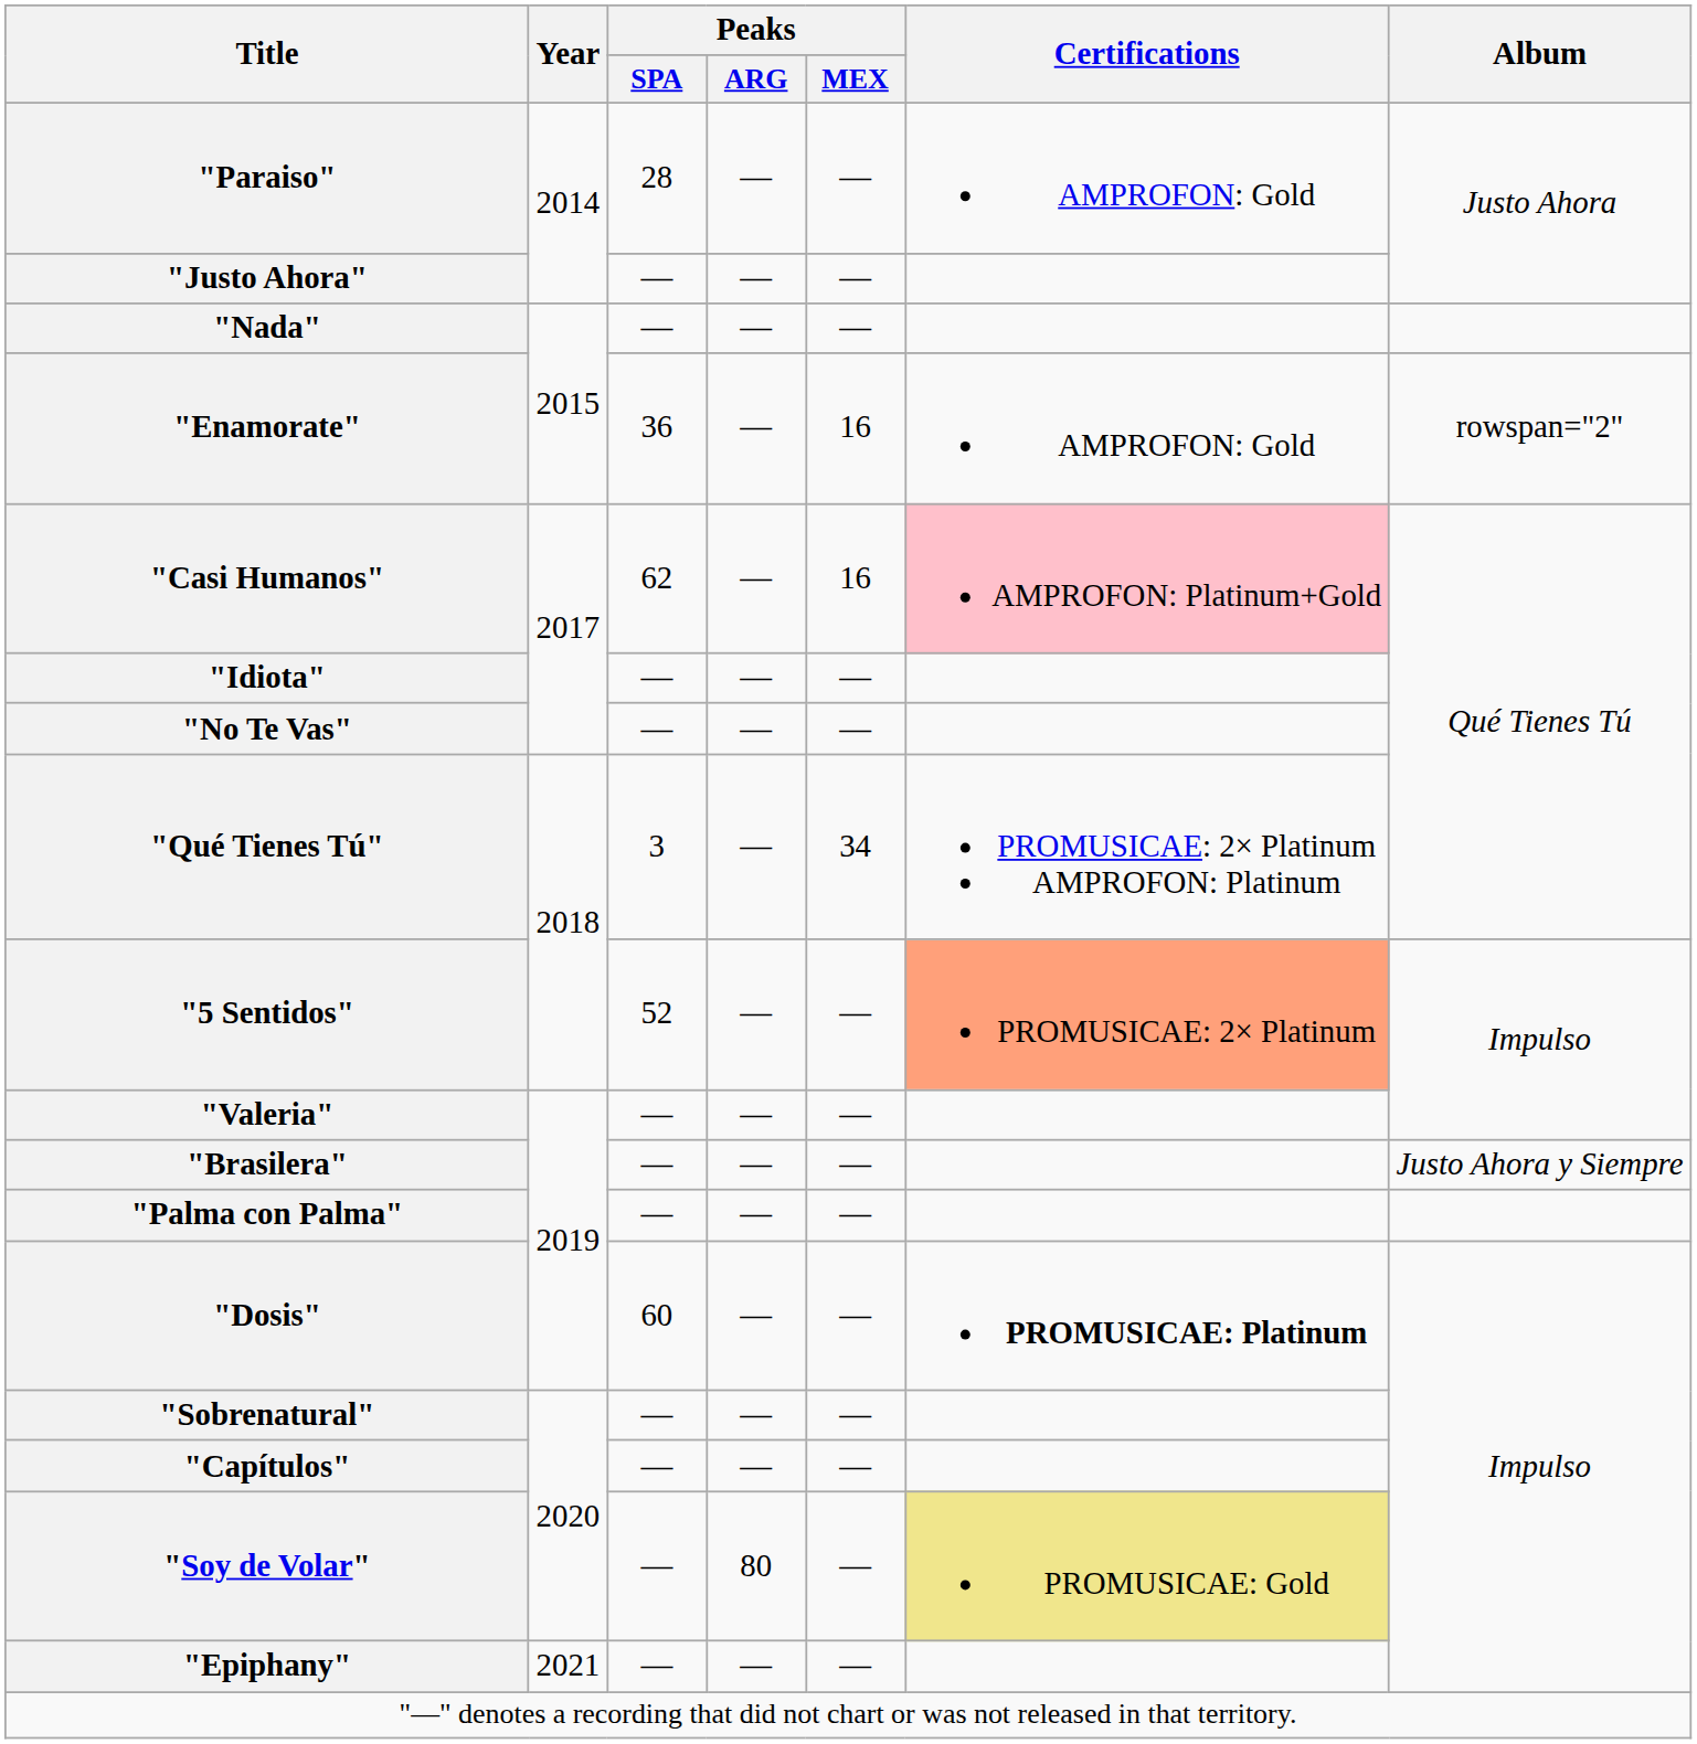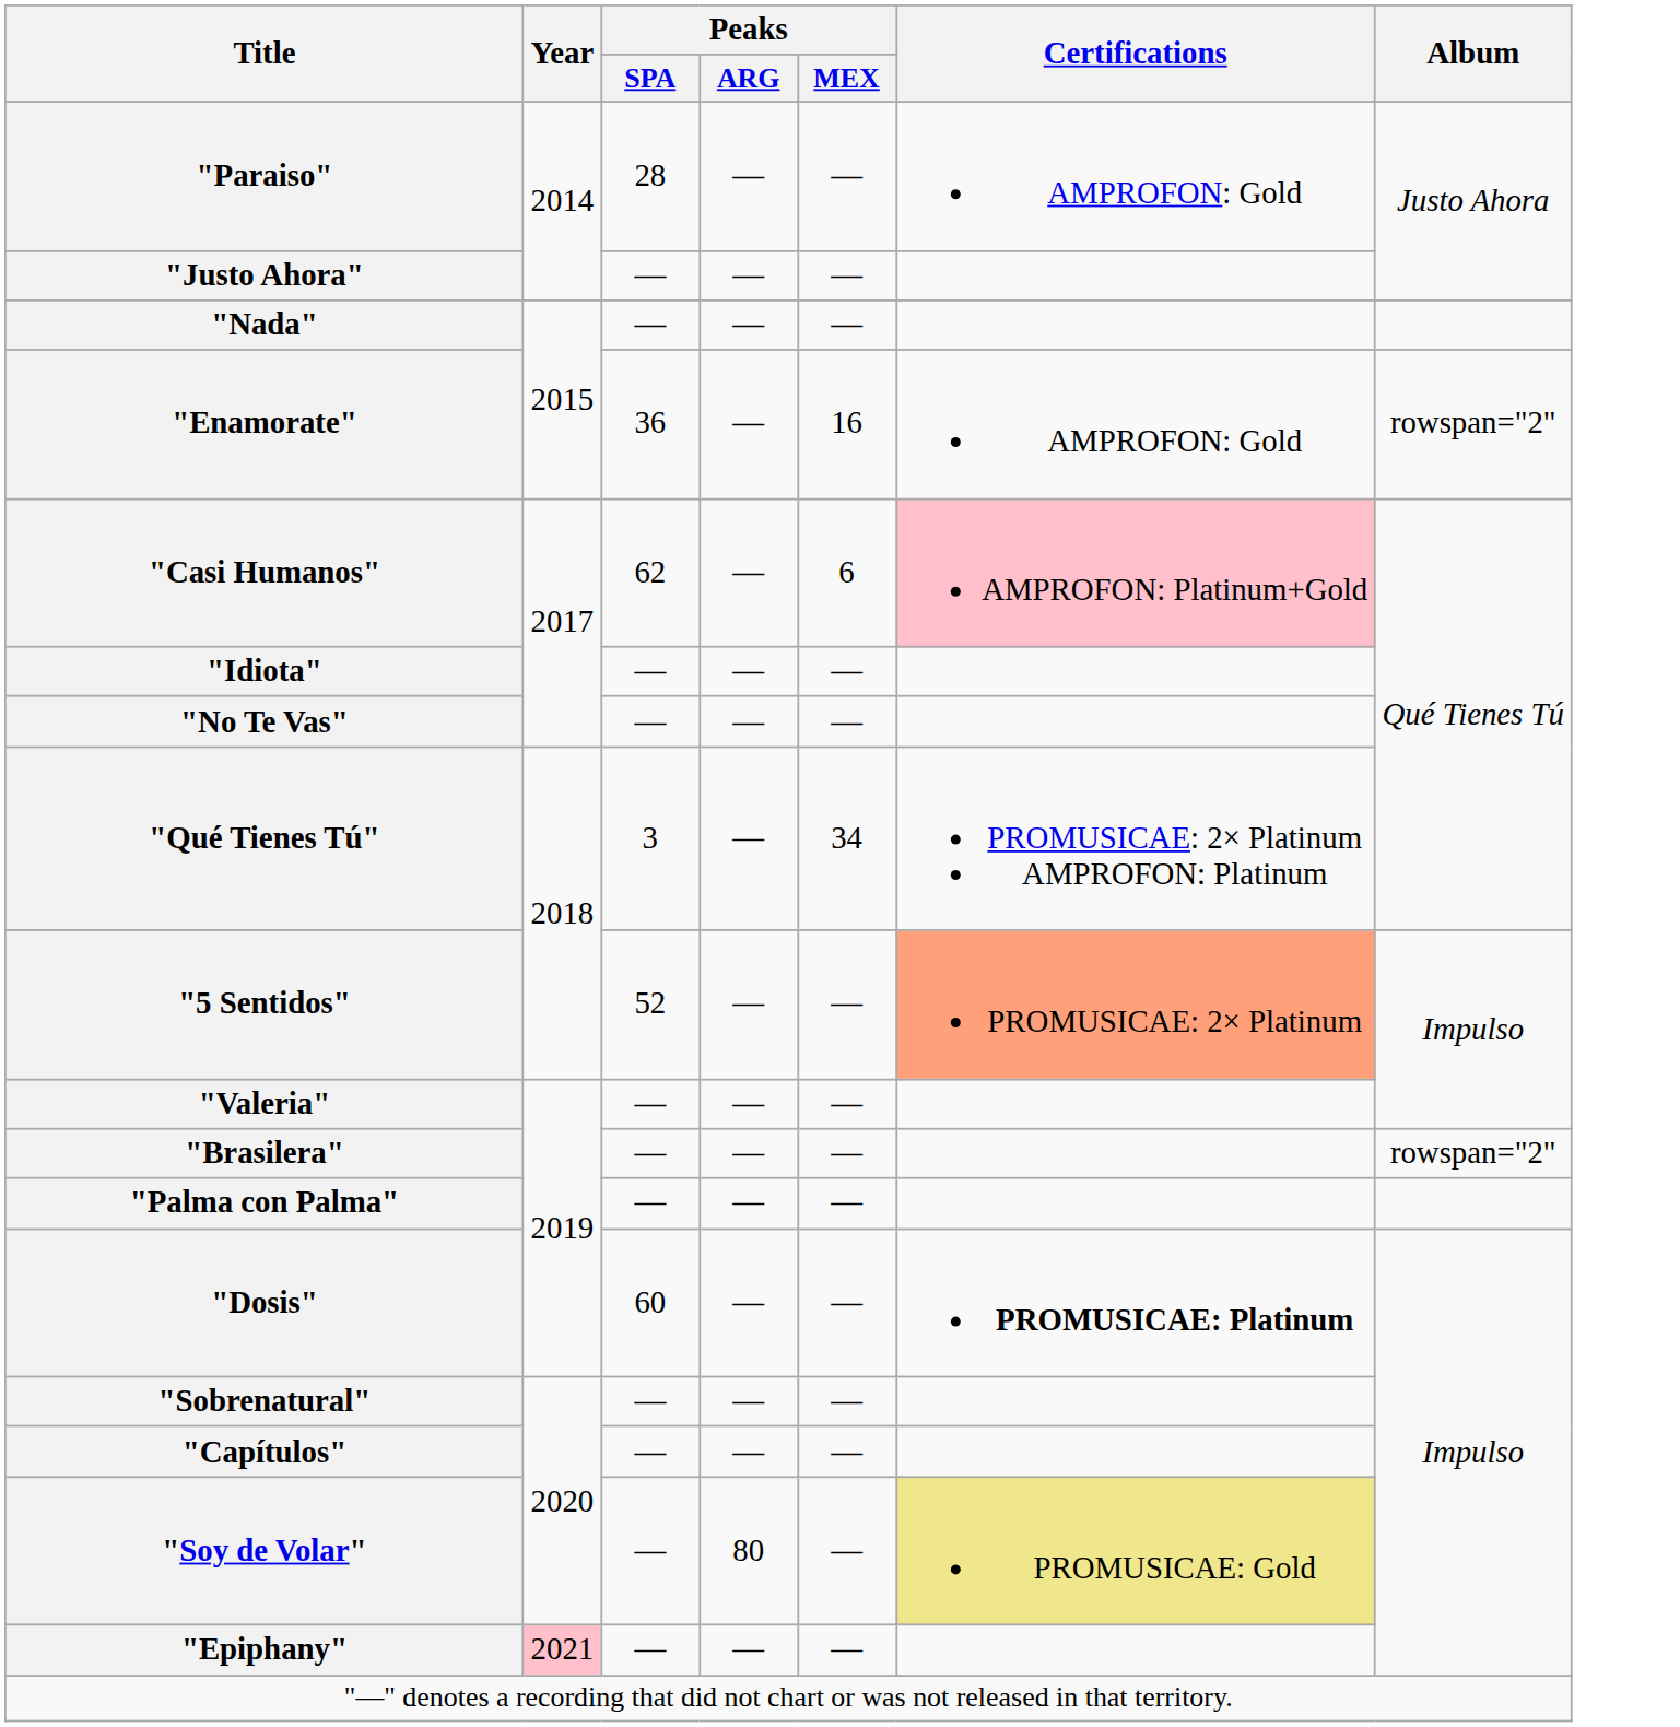 <table class="wikitable plainrowheaders" style="text-align:center">
 <tr>
 <th scope="col" rowspan="2" style="width:16em;">Title</th>
 <th scope="col" rowspan="2">Year</th>
 <th scope="col" colspan="3">Peaks</th>
 <th scope="col" rowspan="2"><a href='#'>Certifications</a></th>
 <th scope="col" rowspan="2">Album</th>
 </tr>
 <tr>
 <th scope="col" style="width:3em;font-size:90%;"><a href='#'>SPA</a><br></th>
 <th scope="col" style="width:3em;font-size:90%;"><a href='#'>ARG</a><br></th>
 <th scope="col" style="width:3em;font-size:90%;"><a href='#'>MEX</a><br></th>
 </tr>
 <tr>
 <th scope="row">"Paraiso"</th>
 <td rowspan="2">2014</td>
 <td>28</td>
 <td>—</td>
 <td>—</td>
 <td><br><ul><li><a href='#'>AMPROFON</a>: Gold</li></ul></td>
 <td rowspan="2"><em>Justo Ahora</em></td>
 </tr>
 <tr>
 <th scope="row">"Justo Ahora"</th>
 <td>—</td>
 <td>—</td>
 <td>—</td>
 <td></td>
 </tr>
 <tr>
 <th scope="row">"Nada"<br></th>
 <td rowspan="2">2015</td>
 <td>—</td>
 <td>—</td>
 <td>—</td>
 <td></td>
 <td></td>
 </tr>
 <tr>
 <th scope="row">"Enamorate"</th>
 <td>36</td>
 <td>—</td>
 <td>16</td>
 <td><br><ul><li>AMPROFON: Gold</li></ul></td>
 <td>rowspan="2" </td>
 </tr>
 <tr>
 <th scope="row">"Casi Humanos"</th>
 <td rowspan="3">2017</td>
 <td>62</td>
 <td>—</td>
-<td>16</td>
+<td>6</td>
 <td style="background: pink;"><br><ul><li>AMPROFON: Platinum+Gold</li></ul></td>
 <td rowspan="4"><em>Qué Tienes Tú</em></td>
 </tr>
 <tr>
 <th scope="row">"Idiota"</th>
 <td>—</td>
 <td>—</td>
 <td>—</td>
 <td></td>
 </tr>
 <tr>
 <th scope="row">"No Te Vas"</th>
 <td>—</td>
 <td>—</td>
 <td>—</td>
 <td></td>
 </tr>
 <tr>
 <th scope="row">"Qué Tienes Tú"<br></th>
 <td rowspan="2">2018</td>
 <td>3</td>
 <td>—</td>
 <td>34</td>
 <td><br><ul><li><a href='#'>PROMUSICAE</a>: 2× Platinum</li><li>AMPROFON: Platinum</li></ul></td>
 </tr>
 <tr>
 <th scope="row">"5 Sentidos"<br></th>
 <td>52</td>
 <td>—</td>
 <td>—</td>
 <td style="background: lightsalmon;"><br><ul><li>PROMUSICAE: 2× Platinum</li></ul></td>
 <td rowspan="2"><em>Impulso</em></td>
 </tr>
 <tr>
 <th scope="row">"Valeria"<br></th>
 <td rowspan="4">2019</td>
 <td>—</td>
 <td>—</td>
 <td>—</td>
 <td></td>
 </tr>
 <tr>
 <th scope="row">"Brasilera"</th>
 <td>—</td>
 <td>—</td>
 <td>—</td>
 <td></td>
-<td><em>Justo Ahora y Siempre</em></td>
+<td>rowspan="2" </td>
 </tr>
 <tr>
 <th scope="row">"Palma con Palma"</th>
 <td>—</td>
 <td>—</td>
 <td>—</td>
 <td></td>
 </tr>
 <tr>
 <th scope="row">"Dosis"<br></th>
 <td>60</td>
 <td>—</td>
 <td>—</td>
 <td><strong><br><ul><li>PROMUSICAE: Platinum</li></ul></strong></td>
 <td rowspan="5"><em>Impulso</em></td>
 </tr>
 <tr>
 <th scope="row">"Sobrenatural"<br></th>
 <td rowspan="3">2020</td>
 <td>—</td>
 <td>—</td>
 <td>—</td>
 <td></td>
 </tr>
 <tr>
 <th scope="row">"Capítulos"</th>
 <td>—</td>
 <td>—</td>
 <td>—</td>
 <td></td>
 </tr>
 <tr>
 <th scope="row">"<a href='#'>Soy de Volar</a>"<br></th>
 <td>—</td>
 <td>80</td>
 <td>—</td>
 <td style="background: khaki;"><br><ul><li>PROMUSICAE: Gold</li></ul></td>
 </tr>
 <tr>
 <th scope="row">"Epiphany"<br></th>
-<td>2021</td>
+<td style="background: pink;">2021</td>
 <td>—</td>
 <td>—</td>
 <td>—</td>
 <td></td>
 </tr>
 <tr>
 <td colspan="14" style="font-size:90%">"—" denotes a recording that did not chart or was not released in that territory.</td>
 </tr>
 </table>
